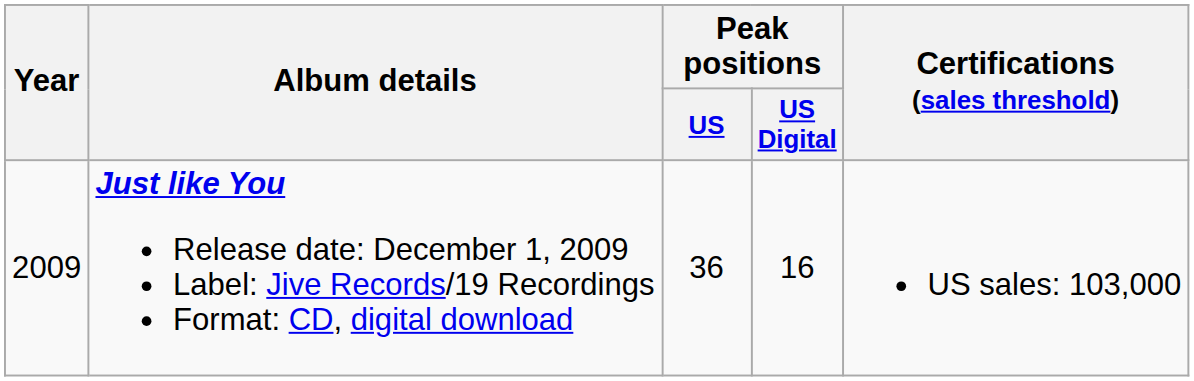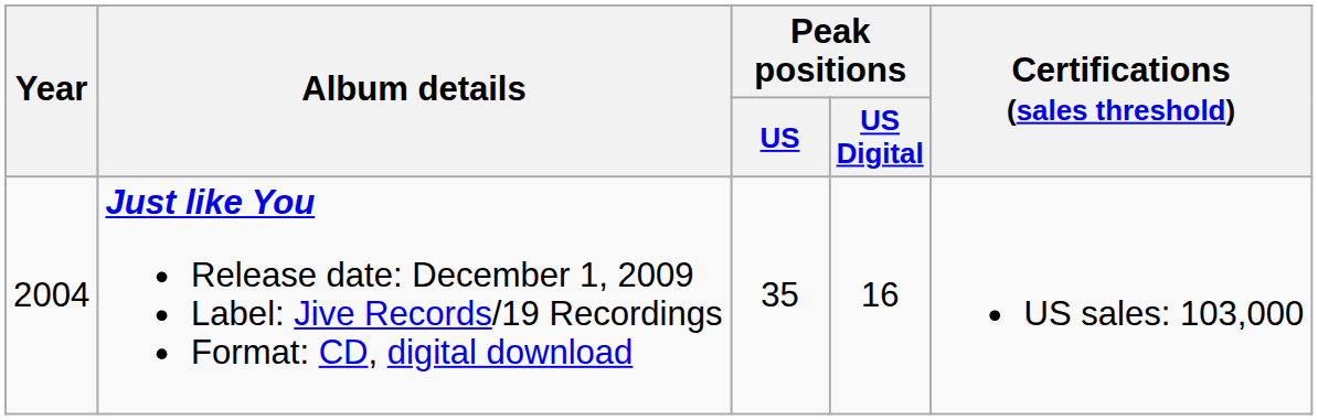 <table class="wikitable" style="text-align:center;">
 <tr>
 <th rowspan="2">Year</th>
 <th rowspan="2">Album details</th>
 <th colspan="2">Peak positions</th>
 <th rowspan="2">Certifications<br><small>(<a href='#'>sales threshold</a>)</small></th>
 </tr>
 <tr style="font-size:smaller;">
 <th style="width:40px;"><a href='#'>US</a></th>
 <th style="width:40px;"><a href='#'>US<br>Digital</a></th>
 </tr>
 <tr>
-<td>2009</td>
+<td>2004</td>
 <td style="text-align:left;"><strong><em><a href='#'>Just like You</a></em></strong><br><ul><li>Release date: December 1, 2009</li><li>Label: <a href='#'>Jive Records</a>/19 Recordings</li><li>Format: <a href='#'>CD</a>, <a href='#'>digital download</a></li></ul></td>
-<td>36</td>
+<td>35</td>
 <td>16</td>
 <td style="text-align:left;"><br><ul><li>US sales: 103,000</li></ul></td>
 </tr>
 </table>
